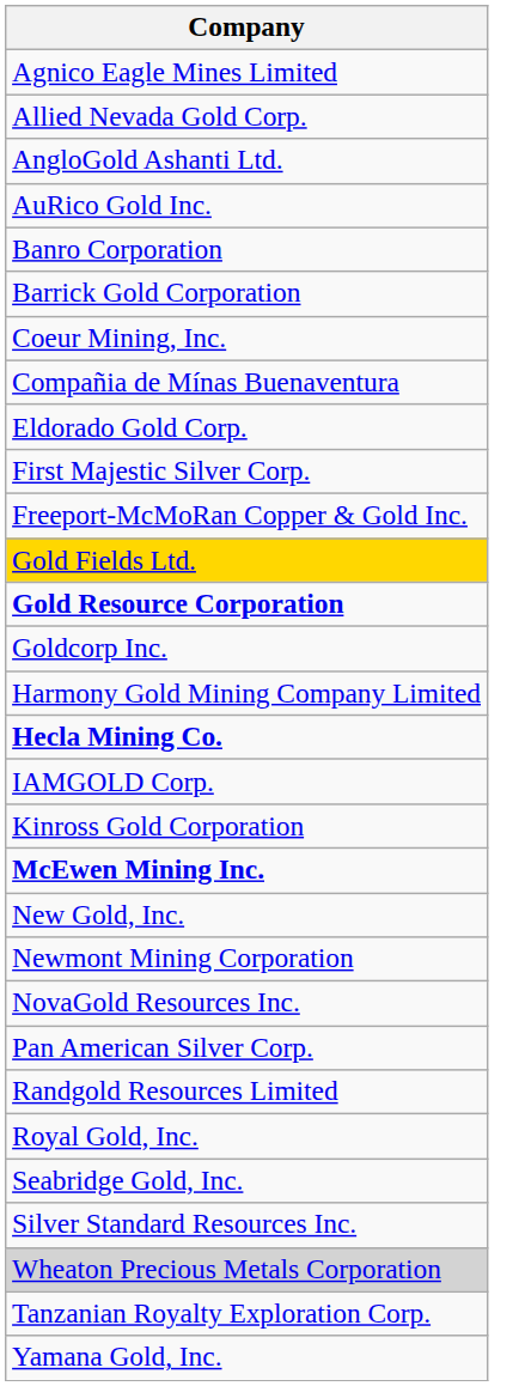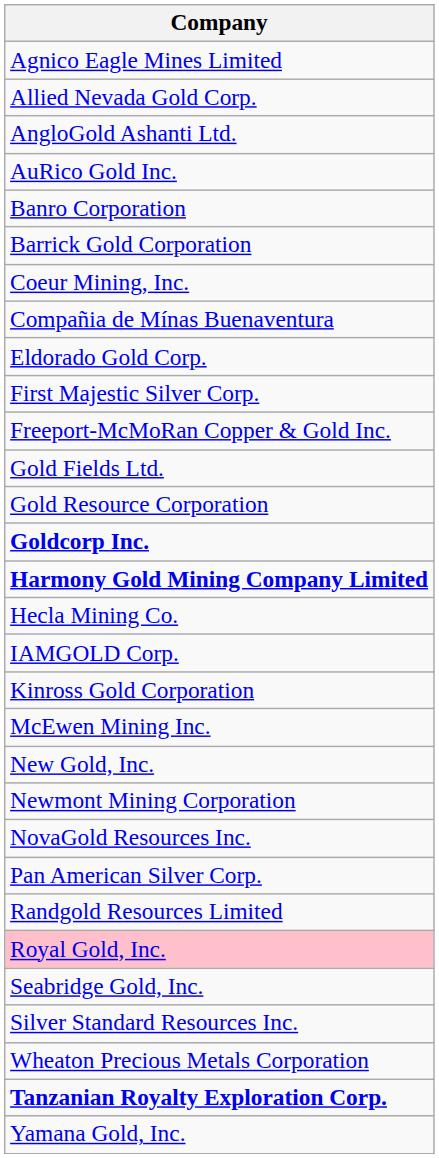 <table class="wikitable sortable">
 <tr>
 <th>Company</th>
 </tr>
 <tr>
 <td><a href='#'>Agnico Eagle Mines Limited</a></td>
 </tr>
 <tr>
 <td><a href='#'>Allied Nevada Gold Corp.</a></td>
 </tr>
 <tr>
 <td><a href='#'>AngloGold Ashanti Ltd.</a></td>
 </tr>
 <tr>
 <td><a href='#'>AuRico Gold Inc.</a></td>
 </tr>
 <tr>
 <td><a href='#'>Banro Corporation</a></td>
 </tr>
 <tr>
 <td><a href='#'>Barrick Gold Corporation</a></td>
 </tr>
 <tr>
 <td><a href='#'>Coeur Mining, Inc.</a></td>
 </tr>
 <tr>
 <td><a href='#'>Compañia de Mínas Buenaventura</a></td>
 </tr>
 <tr>
 <td><a href='#'>Eldorado Gold Corp.</a></td>
 </tr>
 <tr>
 <td><a href='#'>First Majestic Silver Corp.</a></td>
 </tr>
 <tr>
 <td><a href='#'>Freeport-McMoRan Copper & Gold Inc.</a></td>
 </tr>
 <tr>
-<td style="background: gold;"><a href='#'>Gold Fields Ltd.</a></td>
+<td><a href='#'>Gold Fields Ltd.</a></td>
 </tr>
 <tr>
-<td><strong><a href='#'>Gold Resource Corporation</a></strong></td>
+<td><a href='#'>Gold Resource Corporation</a></td>
 </tr>
 <tr>
-<td><a href='#'>Goldcorp Inc.</a></td>
+<td><strong><a href='#'>Goldcorp Inc.</a></strong></td>
 </tr>
 <tr>
-<td><a href='#'>Harmony Gold Mining Company Limited</a></td>
+<td><strong><a href='#'>Harmony Gold Mining Company Limited</a></strong></td>
 </tr>
 <tr>
-<td><strong><a href='#'>Hecla Mining Co.</a></strong></td>
+<td><a href='#'>Hecla Mining Co.</a></td>
 </tr>
 <tr>
 <td><a href='#'>IAMGOLD Corp.</a></td>
 </tr>
 <tr>
 <td><a href='#'>Kinross Gold Corporation</a></td>
 </tr>
 <tr>
-<td><strong><a href='#'>McEwen Mining Inc.</a></strong></td>
+<td><a href='#'>McEwen Mining Inc.</a></td>
 </tr>
 <tr>
 <td><a href='#'>New Gold, Inc.</a></td>
 </tr>
 <tr>
 <td><a href='#'>Newmont Mining Corporation</a></td>
 </tr>
 <tr>
 <td><a href='#'>NovaGold Resources Inc.</a></td>
 </tr>
 <tr>
 <td><a href='#'>Pan American Silver Corp.</a></td>
 </tr>
 <tr>
 <td><a href='#'>Randgold Resources Limited</a></td>
 </tr>
 <tr>
-<td><a href='#'>Royal Gold, Inc.</a></td>
+<td style="background: pink;"><a href='#'>Royal Gold, Inc.</a></td>
 </tr>
 <tr>
 <td><a href='#'>Seabridge Gold, Inc.</a></td>
 </tr>
 <tr>
 <td><a href='#'>Silver Standard Resources Inc.</a></td>
 </tr>
 <tr>
-<td style="background: lightgrey;"><a href='#'>Wheaton Precious Metals Corporation</a></td>
+<td><a href='#'>Wheaton Precious Metals Corporation</a></td>
 </tr>
 <tr>
-<td><a href='#'>Tanzanian Royalty Exploration Corp.</a></td>
+<td><strong><a href='#'>Tanzanian Royalty Exploration Corp.</a></strong></td>
 </tr>
 <tr>
 <td><a href='#'>Yamana Gold, Inc.</a></td>
 </tr>
 </table>
